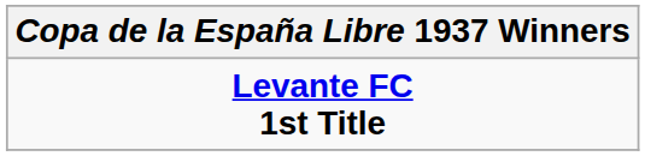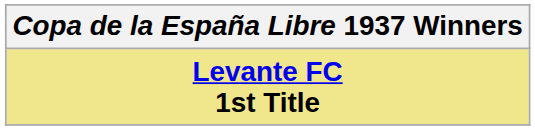 <table class="wikitable" style="text-align: center; margin: 0 auto;">
 <tr>
 <th><em>Copa de la España Libre</em> 1937 Winners</th>
 </tr>
 <tr>
-<td><strong><a href='#'>Levante FC</a></strong><br><strong>1st Title</strong></td>
+<td style="background: khaki;"><strong><a href='#'>Levante FC</a></strong><br><strong>1st Title</strong></td>
 </tr>
 </table>
